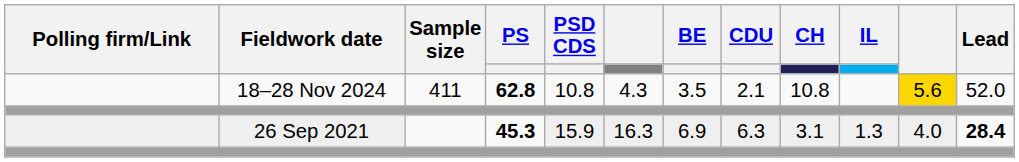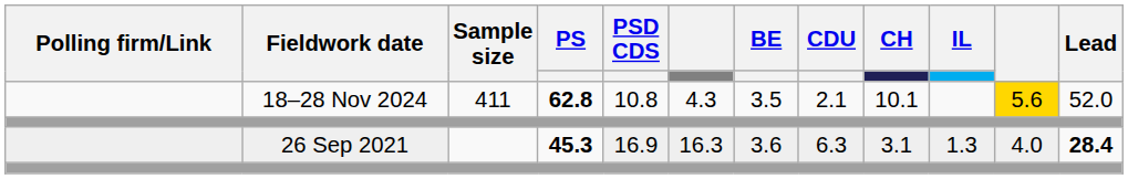 <table class="wikitable sortable mw-datatable" style="text-align:center;font-size:90%;line-height:16px;">
 <tr style="height:42px;">
 <th style="width:145px;" rowspan="2">Polling firm/Link</th>
 <th style="width:125px;" rowspan="2">Fieldwork date</th>
 <th class="unsortable" style="width:50px;" rowspan="2">Sample size</th>
 <th class="unsortable" style="width:35px;"><a href='#'>PS</a></th>
 <th class="unsortable" style="width:35px;"><a href='#'>PSD</a><br><a href='#'>CDS</a></th>
 <th class="unsortable" style="width:35px;"></th>
 <th class="unsortable" style="width:35px;"><a href='#'>BE</a></th>
 <th class="unsortable" style="width:35px;"><a href='#'>CDU</a></th>
 <th class="unsortable" style="width:35px;"><a href='#'>CH</a></th>
 <th class="unsortable" style="width:35px;"><a href='#'>IL</a></th>
 <th class="unsortable" style="width:35px;" rowspan="2"></th>
 <th class="unsortable" style="width:30px;" rowspan="2">Lead</th>
 </tr>
 <tr>
 <th class="unsortable" style="color:inherit;background:"></th>
 <th class="unsortable" style="color:inherit;background:"></th>
 <th class="unsortable" style="color:inherit;background:gray;"></th>
 <th class="unsortable" style="color:inherit;background:"></th>
 <th class="unsortable" style="color:inherit;background:"></th>
 <th class="unsortable" style="color:inherit;background:#202056;"></th>
 <th class="unsortable" style="color:inherit;background:#00ADEF;"></th>
 </tr>
 <tr>
 <td align="center"></td>
 <td align="center">18–28 Nov 2024</td>
 <td>411</td>
 <td><strong>62.8</strong></td>
 <td align="center">10.8</td>
 <td align="center">4.3</td>
 <td align="center">3.5</td>
 <td align="center">2.1</td>
-<td align="center">10.8</td>
+<td align="center">10.1</td>
 <td></td>
 <td align="center" style="background: gold;">5.6</td>
 <td style="background:">52.0</td>
 </tr>
 <tr>
 <td colspan="16" style="background:#A0A0A0"></td>
 </tr>
 <tr>
 <td style="background:#EFEFEF;"><strong></strong></td>
 <td style="background:#EFEFEF;" data-sort-value="2019-10-06">26 Sep 2021</td>
 <td></td>
 <td><strong>45.3</strong><br></td>
-<td style="background:#EFEFEF;">15.9<br></td>
+<td style="background:#EFEFEF;">16.9<br></td>
 <td style="background:#EFEFEF;">16.3<br></td>
-<td style="background:#EFEFEF;">6.9<br></td>
+<td style="background:#EFEFEF;">3.6<br></td>
 <td style="background:#EFEFEF;">6.3<br></td>
 <td style="background:#EFEFEF;">3.1<br></td>
 <td style="background:#EFEFEF;">1.3<br></td>
 <td style="background:#EFEFEF;">4.0</td>
 <td style="background:"><strong>28.4</strong></td>
 </tr>
 <tr>
 <td colspan="16" style="background:#A0A0A0"></td>
 </tr>
 </table>
